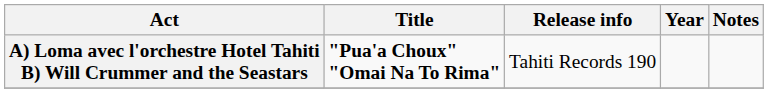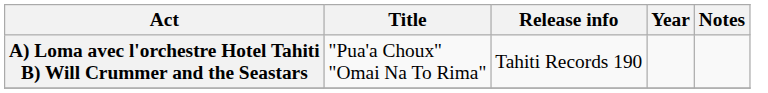 <table class="wikitable plainrowheaders sortable">
 <tr>
 <th scope="col">Act</th>
 <th scope="col">Title</th>
 <th scope="col">Release info</th>
 <th scope="col">Year</th>
 <th scope="col" class="unsortable">Notes</th>
 </tr>
 <tr>
 <th scope="row">A) Loma avec l'orchestre Hotel Tahiti<br>B) Will Crummer and the Seastars</th>
-<td><strong>"Pua'a Choux"<br>"Omai Na To Rima"</strong></td>
+<td>"Pua'a Choux"<br>"Omai Na To Rima"</td>
 <td>Tahiti Records 190</td>
 <td></td>
 <td></td>
 </tr>
 <tr>
 </tr>
 </table>
